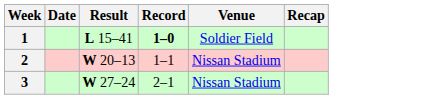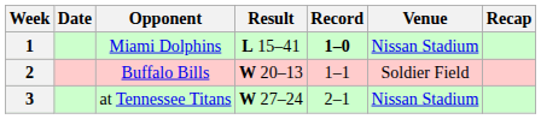 <table class="wikitable" style="text-align:center">
 <tr>
 <th>Week</th>
 <th>Date</th>
+<th>Opponent</th>
 <th>Result</th>
 <th>Record</th>
 <th>Venue</th>
 <th>Recap</th>
 </tr>
 <tr style="background:#cfc">
 <th>1</th>
 <td></td>
+<td><a href='#'>Miami Dolphins</a></td>
 <td><strong>L</strong> 15–41</td>
 <td><strong>1–0</strong></td>
-<td><a href='#'>Soldier Field</a></td>
+<td><a href='#'>Nissan Stadium</a></td>
 <td></td>
 </tr>
 <tr style="background:#fcc">
 <th>2</th>
 <td></td>
+<td><a href='#'>Buffalo Bills</a></td>
 <td><strong>W</strong> 20–13</td>
 <td>1–1</td>
-<td><a href='#'>Nissan Stadium</a></td>
+<td>Soldier Field</td>
 <td></td>
 </tr>
 <tr style="background:#cfc">
 <th>3</th>
 <td></td>
+<td>at <a href='#'>Tennessee Titans</a></td>
 <td><strong>W</strong> 27–24</td>
 <td>2–1</td>
 <td><a href='#'>Nissan Stadium</a></td>
 <td></td>
 </tr>
 </table>
